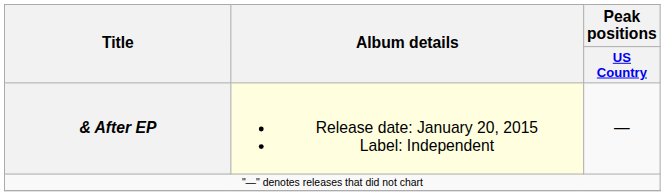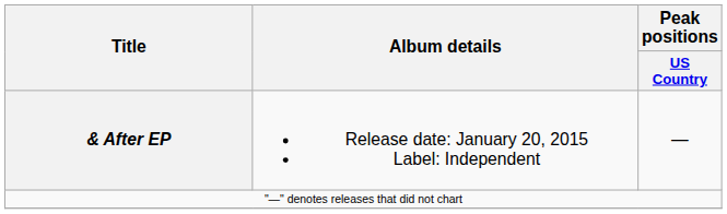 <table class="wikitable plainrowheaders" style="text-align:center;">
 <tr>
 <th rowspan="2" style="width:14em;">Title</th>
 <th rowspan="2" style="width:22em;">Album details</th>
 <th colspan="2">Peak positions</th>
 </tr>
 <tr style="font-size:smaller;">
 <th width="65"><a href='#'>US Country</a></th>
 </tr>
 <tr>
 <th scope="row"><em>& After EP</em></th>
-<td style="background: lightyellow;"><br><ul><li>Release date: January 20, 2015</li><li>Label: Independent</li></ul></td>
+<td><br><ul><li>Release date: January 20, 2015</li><li>Label: Independent</li></ul></td>
 <td>—</td>
 </tr>
 <tr>
 <td colspan="3" style="font-size:8pt">"—" denotes releases that did not chart</td>
 </tr>
 <tr>
 </tr>
 </table>
